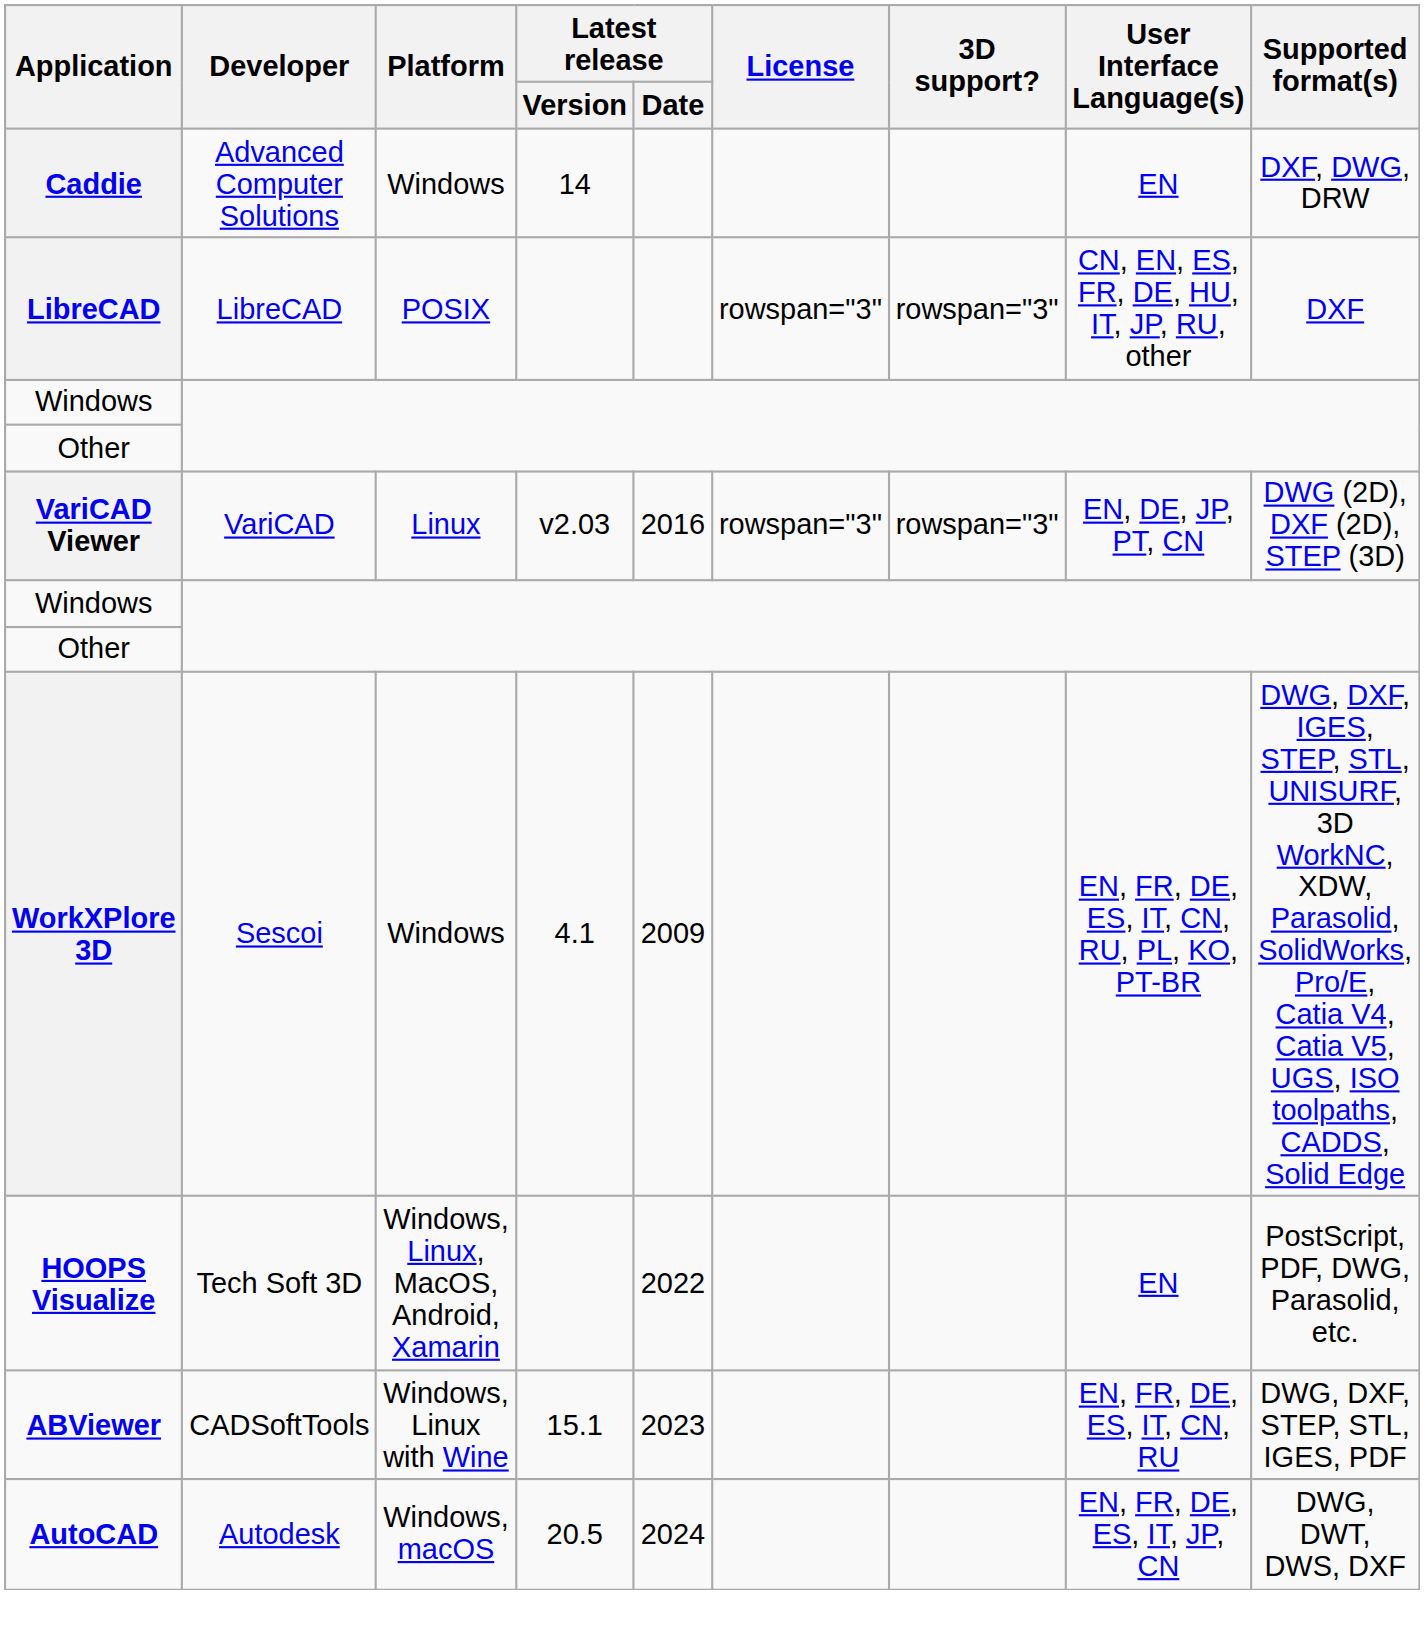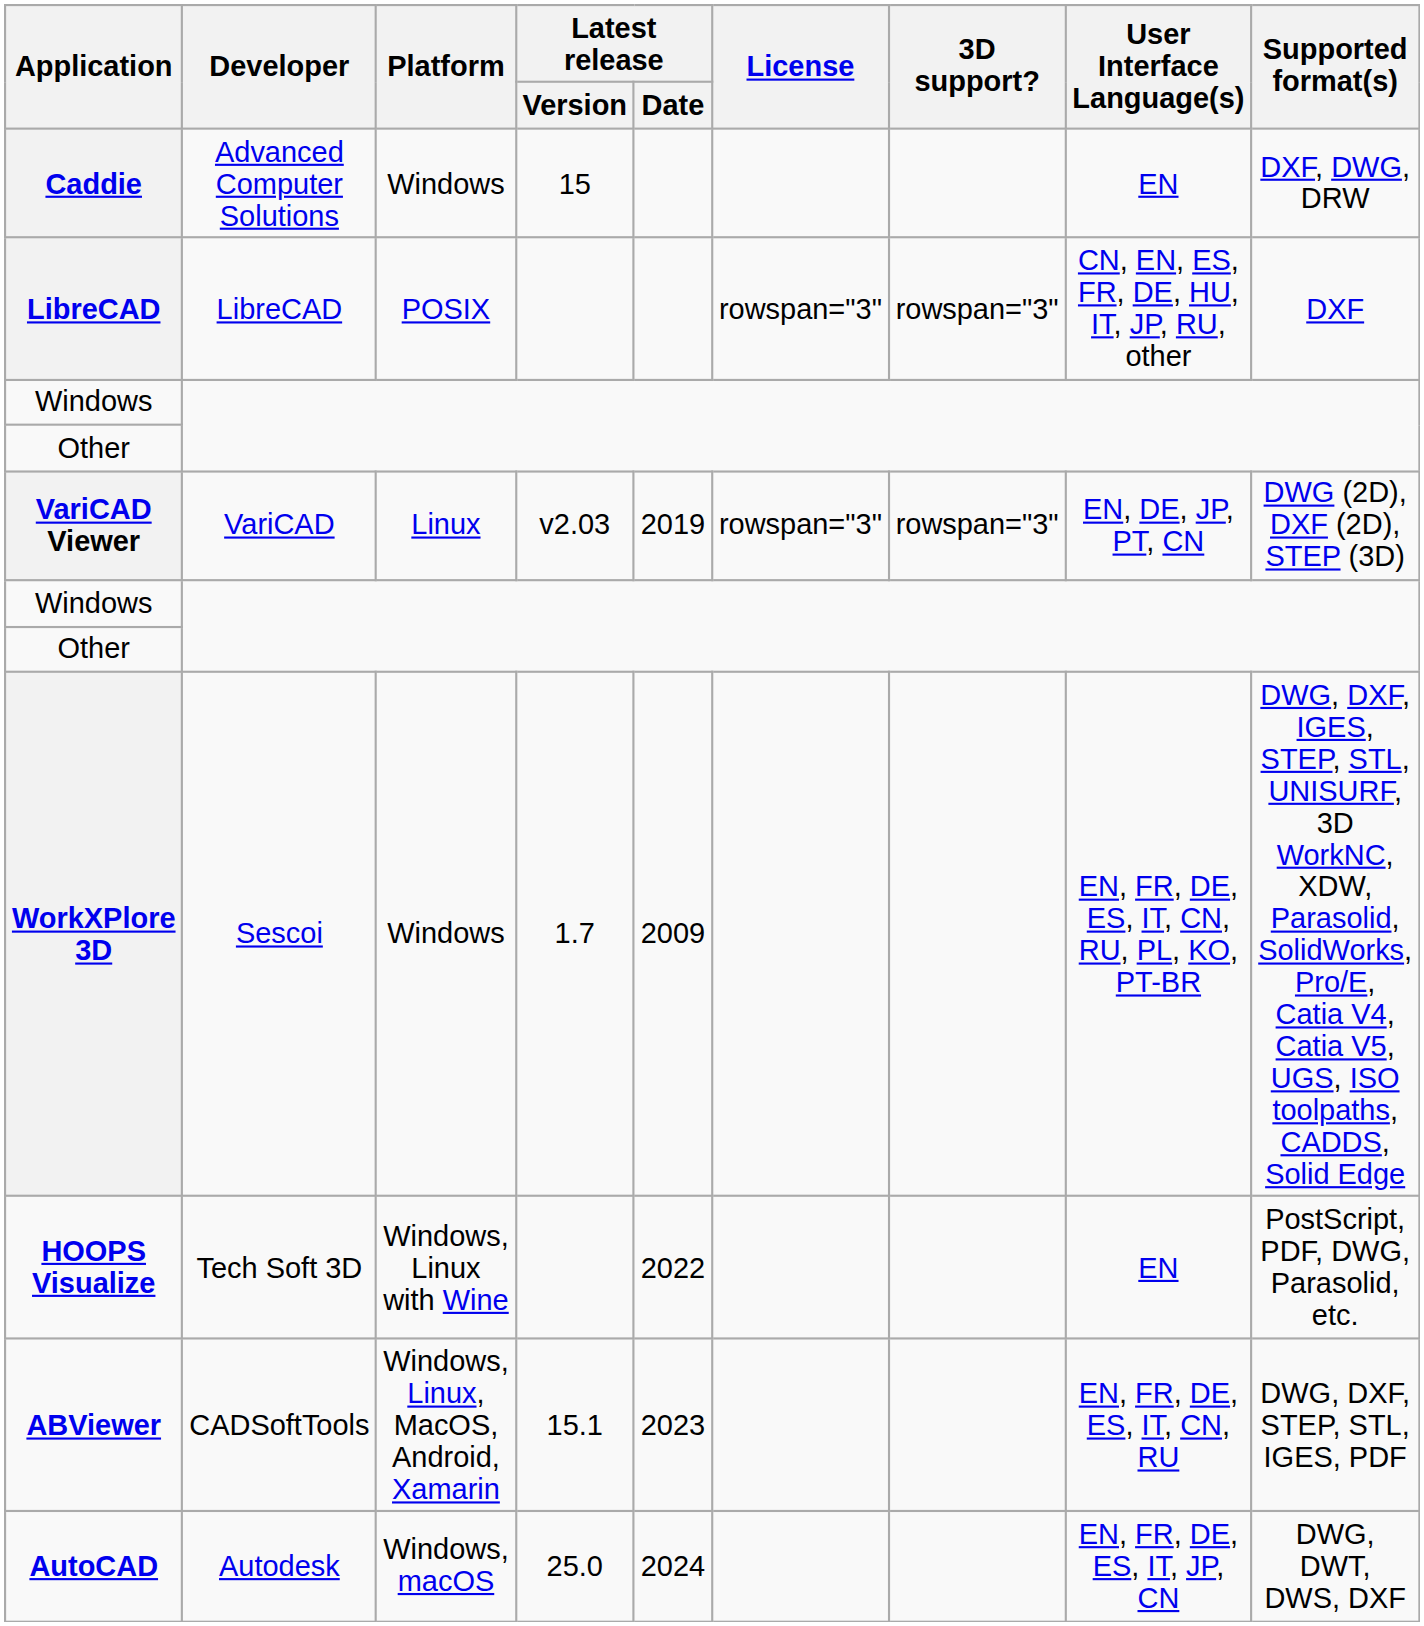 <table class="wikitable sortable" style="text-align: center; font-size: 85%; width: auto; table-layout: fixed;">
 <tr>
 <th rowspan="2">Application</th>
 <th rowspan="2">Developer</th>
 <th rowspan="2">Platform</th>
 <th colspan="2">Latest release</th>
 <th rowspan="2"><a href='#'>License</a></th>
 <th rowspan="2">3D support?</th>
 <th rowspan="2">User Interface Language(s)</th>
 <th rowspan="2">Supported format(s)</th>
 </tr>
 <tr>
 <th>Version</th>
 <th>Date</th>
 </tr>
 <tr>
 <th><a href='#'>Caddie</a></th>
 <td><a href='#'>Advanced Computer Solutions</a></td>
 <td> Windows</td>
-<td> 14</td>
+<td> 15</td>
 <td></td>
 <td> </td>
 <td></td>
 <td><a href='#'>EN</a></td>
 <td><a href='#'>DXF</a>, <a href='#'>DWG</a>, DRW</td>
 </tr>
 <tr>
 <th><a href='#'>LibreCAD</a></th>
 <td><a href='#'>LibreCAD</a></td>
 <td> <a href='#'>POSIX</a></td>
 <td></td>
 <td></td>
 <td> rowspan="3" </td>
 <td> rowspan="3" </td>
 <td><a href='#'>CN</a>, <a href='#'>EN</a>, <a href='#'>ES</a>, <a href='#'>FR</a>, <a href='#'>DE</a>, <a href='#'>HU</a>, <a href='#'>IT</a>, <a href='#'>JP</a>, <a href='#'>RU</a>, other</td>
 <td><a href='#'>DXF</a></td>
 </tr>
 <tr>
 <td> Windows</td>
 </tr>
 <tr>
 <td> Other</td>
 </tr>
 <tr>
 <th><a href='#'>VariCAD</a> Viewer</th>
 <td><a href='#'>VariCAD</a></td>
 <td> <a href='#'>Linux</a></td>
 <td>v2.03</td>
-<td>2016</td>
+<td>2019</td>
 <td> rowspan="3" </td>
 <td> rowspan="3" </td>
 <td><a href='#'>EN</a>, <a href='#'>DE</a>, <a href='#'>JP</a>, <a href='#'>PT</a>, <a href='#'>CN</a></td>
 <td><a href='#'>DWG</a> (2D), <a href='#'>DXF</a> (2D), <a href='#'>STEP</a> (3D)</td>
 </tr>
 <tr>
 <td>Windows</td>
 </tr>
 <tr>
 <td>Other</td>
 </tr>
 <tr>
 <th> <a href='#'>WorkXPlore 3D</a></th>
 <td> <a href='#'>Sescoi</a></td>
 <td> Windows</td>
-<td> 4.1</td>
+<td> 1.7</td>
 <td> 2009</td>
 <td> </td>
 <td> </td>
 <td><a href='#'>EN</a>, <a href='#'>FR</a>, <a href='#'>DE</a>, <a href='#'>ES</a>, <a href='#'>IT</a>, <a href='#'>CN</a>, <a href='#'>RU</a>, <a href='#'>PL</a>, <a href='#'>KO</a>, <a href='#'>PT-BR</a></td>
 <td> <a href='#'>DWG</a>, <a href='#'>DXF</a>, <a href='#'>IGES</a>, <a href='#'>STEP</a>, <a href='#'>STL</a>, <a href='#'>UNISURF</a>, 3D <a href='#'>WorkNC</a>, XDW, <a href='#'>Parasolid</a>, <a href='#'>SolidWorks</a>, <a href='#'>Pro/E</a>, <a href='#'>Catia V4</a>, <a href='#'>Catia V5</a>, <a href='#'>UGS</a>, <a href='#'>ISO toolpaths</a>, <a href='#'>CADDS</a>, <a href='#'>Solid Edge</a></td>
 </tr>
 <tr>
 <td><strong><a href='#'>HOOPS Visualize</a></strong></td>
 <td>Tech Soft 3D</td>
-<td>Windows, <a href='#'>Linux</a>, MacOS, Android, <a href='#'>Xamarin</a></td>
+<td>Windows, Linux with <a href='#'>Wine</a></td>
 <td></td>
 <td>2022</td>
 <td></td>
 <td></td>
 <td><a href='#'>EN</a></td>
 <td>PostScript, PDF, DWG, Parasolid, etc.</td>
 </tr>
 <tr>
 <td><strong><a href='#'>ABViewer</a></strong></td>
 <td>CADSoftTools</td>
-<td>Windows, Linux with <a href='#'>Wine</a></td>
+<td>Windows, <a href='#'>Linux</a>, MacOS, Android, <a href='#'>Xamarin</a></td>
 <td>15.1</td>
 <td>2023</td>
 <td></td>
 <td></td>
 <td><a href='#'>EN</a>, <a href='#'>FR</a>, <a href='#'>DE</a>, <a href='#'>ES</a>, <a href='#'>IT</a>, <a href='#'>CN</a>, <a href='#'>RU</a></td>
 <td>DWG, DXF, STEP, STL, IGES, PDF</td>
 </tr>
 <tr>
 <td><strong><a href='#'>AutoCAD</a></strong></td>
 <td><a href='#'>Autodesk</a></td>
 <td>Windows, <a href='#'>macOS</a></td>
-<td>20.5</td>
+<td>25.0</td>
 <td>2024</td>
 <td></td>
 <td></td>
 <td> <a href='#'>EN</a>, <a href='#'>FR</a>, <a href='#'>DE</a>, <a href='#'>ES</a>, <a href='#'>IT</a>, <a href='#'>JP</a>, <a href='#'>CN</a></td>
 <td>DWG, DWT, DWS, DXF</td>
 </tr>
 </table>
